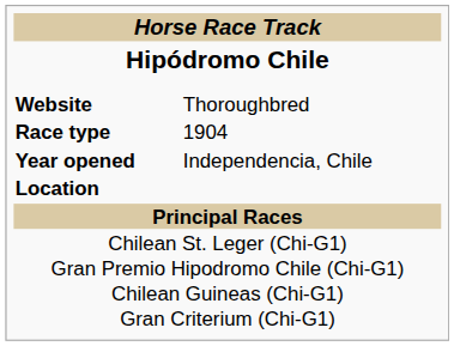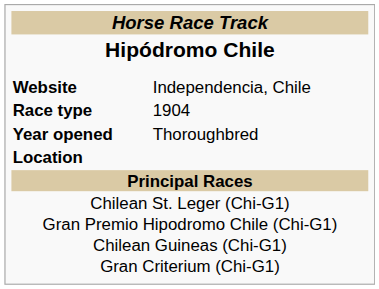 <table class="infobox" style="font-size:90%;width:22em;">
 <tr>
 <th style="font-size:110%;text-align:center;;background:#DACAA5;" colspan="2"><em>Horse Race Track</em></th>
 </tr>
 <tr>
 <th colspan="2" style="font-size:125%;text-align:center;">Hipódromo Chile</th>
 </tr>
 <tr>
 <td colspan="2" style="font-size:90%;text-align:center;padding-bottom:.5em;"></td>
 </tr>
 <tr>
 <td><strong>Website</strong></td>
-<td>Thoroughbred</td>
+<td>Independencia, Chile</td>
 </tr>
 <tr>
 <td><strong>Race type</strong></td>
 <td>1904</td>
 </tr>
 <tr>
 <td><strong>Year opened</strong></td>
-<td>Independencia, Chile</td>
+<td>Thoroughbred</td>
 </tr>
 <tr>
 <td><strong>Location</strong></td>
 <td></td>
 </tr>
 <tr>
 <th style="background:#DACAA5;" colspan="2">Principal Races</th>
 </tr>
 <tr>
 <td colspan="2" style="text-align:center;width:25em; padding:0px; border:none;">Chilean St. Leger (Chi-G1)</td>
 </tr>
 <tr>
 <td colspan="2" style="text-align:center;width:25em; padding:0px; border:none;">Gran Premio Hipodromo Chile (Chi-G1)</td>
 </tr>
 <tr>
 <td colspan="2" style="text-align:center;width:25em; padding:0px; border:none;">Chilean Guineas (Chi-G1)</td>
 </tr>
 <tr>
 <td colspan="2" style="text-align:center;width:25em; padding:0px; border:none;">Gran Criterium (Chi-G1)</td>
 </tr>
 <tr>
 </tr>
 </table>
